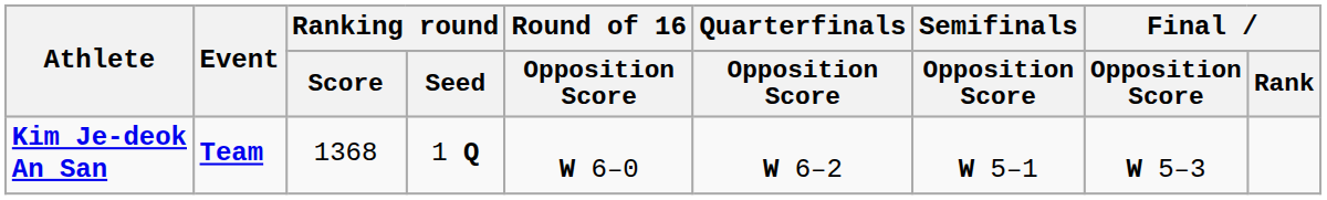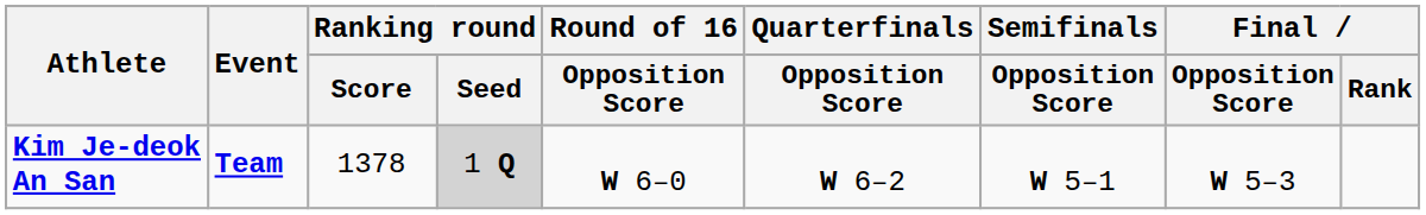 <table class="wikitable" style="font-size:90%; text-align:center">
 <tr>
 <th rowspan="2">Athlete</th>
 <th rowspan="2">Event</th>
 <th colspan="2">Ranking round</th>
 <th>Round of 16</th>
 <th>Quarterfinals</th>
 <th>Semifinals</th>
 <th colspan="2">Final / </th>
 </tr>
 <tr style="font-size:95%">
 <th>Score</th>
 <th>Seed</th>
 <th>Opposition<br>Score</th>
 <th>Opposition<br>Score</th>
 <th>Opposition<br>Score</th>
 <th>Opposition<br>Score</th>
 <th>Rank</th>
 </tr>
 <tr>
 <td style="text-align:left"><strong><a href='#'>Kim Je-deok</a><br><a href='#'>An San</a></strong></td>
 <td style="text-align:left"><strong><a href='#'>Team</a></strong></td>
-<td>1368</td>
-<td>1 <strong>Q</strong></td>
+<td>1378</td>
+<td style="background: lightgrey;">1 <strong>Q</strong></td>
 <td><br><strong>W</strong> 6–0</td>
 <td><br><strong>W</strong> 6–2</td>
 <td><br><strong>W</strong> 5–1</td>
 <td><br><strong>W</strong> 5–3</td>
 <td></td>
 </tr>
 </table>
